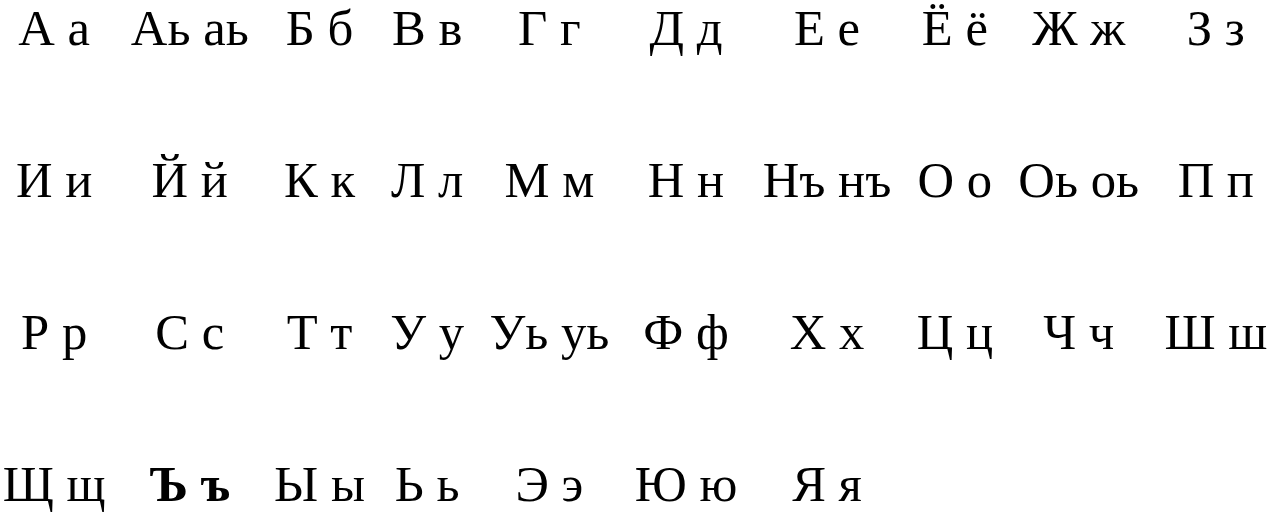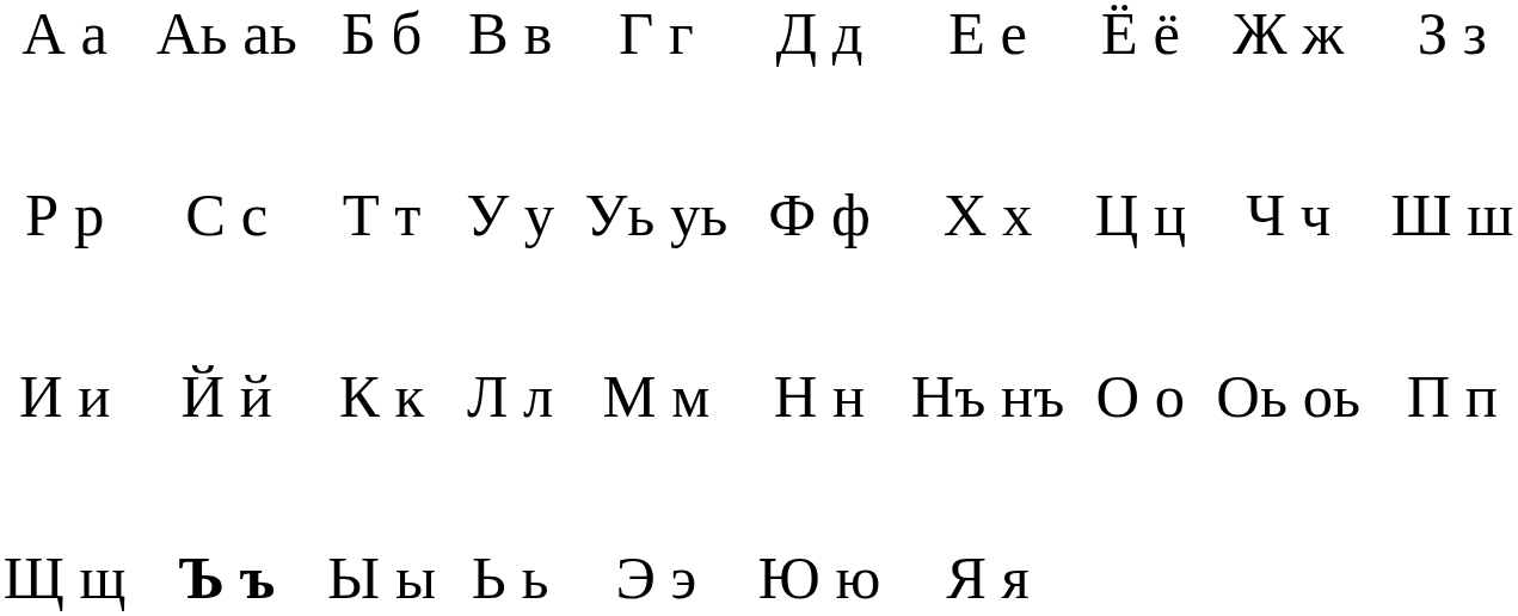 <table class=standard cellpadding=5 style="font-size: 1.5em; line-height: 2.5em; text-align: center;">
 <tr>
 <td style=«width:3em;»>А а</td>
 <td style=«width:3em;»>Аь аь</td>
 <td style=«width:3em;»>Б б</td>
 <td style=«width:3em;»>В в</td>
 <td style=«width:3em;»>Г г</td>
 <td style=«width:3em;»>Д д</td>
 <td style=«width:3em;»>Е е</td>
 <td style=«width:3em;»>Ё ё</td>
 <td style=«width:3em;»>Ж ж</td>
 <td style=«width:3em;»>З з</td>
 </tr>
 <tr>
+<td style=«width:3em;»>Р р</td>
+<td style=«width:3em;»>С с</td>
+<td style=«width:3em;»>Т т</td>
+<td style=«width:3em;»>У у</td>
+<td style=«width:3em;»>Уь уь</td>
+<td style=«width:3em;»>Ф ф</td>
+<td style=«width:3em;»>Х х</td>
+<td style=«width:3em;»>Ц ц</td>
+<td style=«width:3em;»>Ч ч</td>
+<td style=«width:3em;»>Ш ш</td>
+</tr>
+<tr>
 <td style=«width:3em;»>И и</td>
 <td style=«width:3em;»>Й й</td>
 <td style=«width:3em;»>К к</td>
 <td style=«width:3em;»>Л л</td>
 <td style=«width:3em;»>М м</td>
 <td style=«width:3em;»>Н н</td>
 <td style=«width:3em;»>Нъ нъ</td>
 <td style=«width:3em;»>О о</td>
 <td style=«width:3em;»>Оь оь</td>
 <td style=«width:3em;»>П п</td>
 </tr>
 <tr>
-<td style=«width:3em;»>Р р</td>
-<td style=«width:3em;»>С с</td>
-<td style=«width:3em;»>Т т</td>
-<td style=«width:3em;»>У у</td>
-<td style=«width:3em;»>Уь уь</td>
-<td style=«width:3em;»>Ф ф</td>
-<td style=«width:3em;»>Х х</td>
-<td style=«width:3em;»>Ц ц</td>
-<td style=«width:3em;»>Ч ч</td>
-<td style=«width:3em;»>Ш ш</td>
-</tr>
-<tr>
 <td style=«width:3em;»>Щ щ</td>
 <td style=«width:3em;»><strong>Ъ ъ</strong></td>
 <td style=«width:3em;»>Ы ы</td>
 <td style=«width:3em;»>Ь ь</td>
 <td style=«width:3em;»>Э э</td>
 <td style=«width:3em;»>Ю ю</td>
 <td style=«width:3em;»>Я я</td>
 </tr>
 </table>
